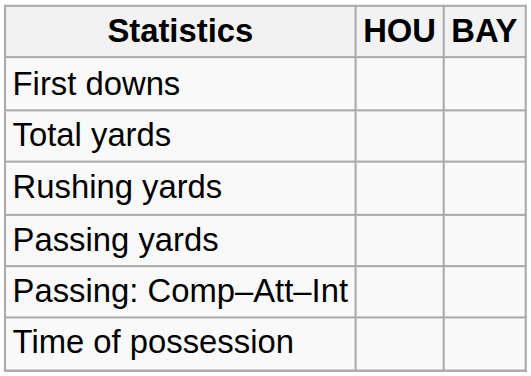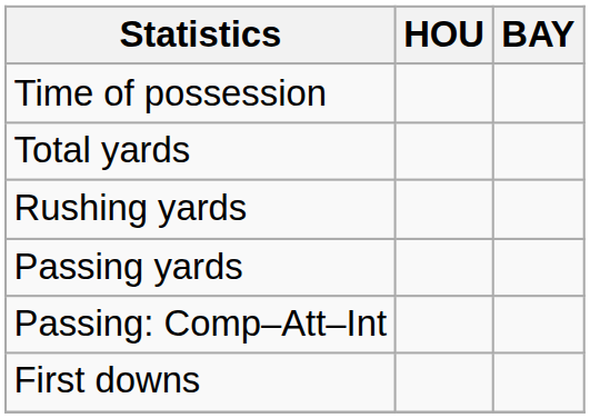 <table class="wikitable" style="float: left;">
 <tr>
 <th>Statistics</th>
 <th>HOU</th>
 <th>BAY</th>
 </tr>
 <tr>
-<td>First downs</td>
+<td>Time of possession</td>
 <td></td>
 <td></td>
 </tr>
 <tr>
 <td>Total yards</td>
 <td></td>
 <td></td>
 </tr>
 <tr>
 <td>Rushing yards</td>
 <td></td>
 <td></td>
 </tr>
 <tr>
 <td>Passing yards</td>
 <td></td>
 <td></td>
 </tr>
 <tr>
 <td>Passing: Comp–Att–Int</td>
 <td></td>
 <td></td>
 </tr>
 <tr>
-<td>Time of possession</td>
+<td>First downs</td>
 <td></td>
 <td></td>
 </tr>
 <tr>
 </tr>
 </table>
